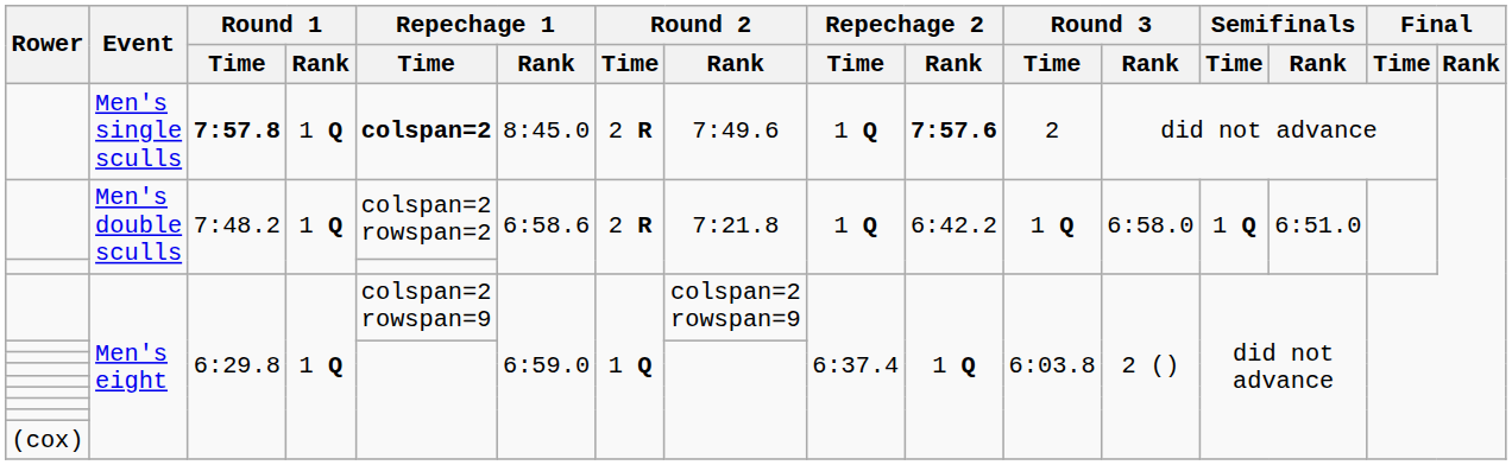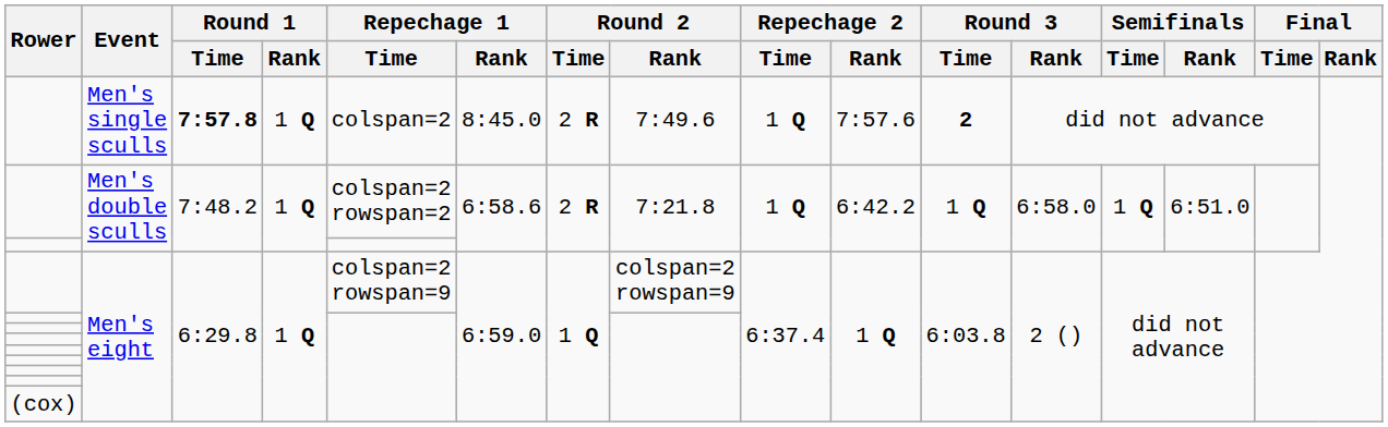 <table class="wikitable sortable" style=text-align:center>
 <tr>
 <th rowspan=2>Rower</th>
 <th rowspan=2>Event</th>
 <th colspan=2>Round 1</th>
 <th colspan=2>Repechage 1</th>
 <th colspan=2>Round 2</th>
 <th colspan=2>Repechage 2</th>
 <th colspan=2>Round 3</th>
 <th colspan=2>Semifinals</th>
 <th colspan=2>Final</th>
 </tr>
 <tr>
 <th>Time</th>
 <th>Rank</th>
 <th>Time</th>
 <th>Rank</th>
 <th>Time</th>
 <th>Rank</th>
 <th>Time</th>
 <th>Rank</th>
 <th>Time</th>
 <th>Rank</th>
 <th>Time</th>
 <th>Rank</th>
 <th>Time</th>
 <th>Rank</th>
 </tr>
 <tr>
 <td align=left></td>
 <td align=left><a href='#'>Men's single sculls</a></td>
 <td><strong>7:57.8</strong></td>
 <td>1 <strong>Q</strong></td>
-<td><strong>colspan=2 </strong></td>
+<td>colspan=2 </td>
 <td>8:45.0</td>
 <td>2 <strong>R</strong></td>
 <td>7:49.6</td>
 <td>1 <strong>Q</strong></td>
-<td><strong>7:57.6</strong></td>
-<td>2</td>
+<td>7:57.6</td>
+<td><strong>2</strong></td>
 <td colspan=4>did not advance</td>
 </tr>
 <tr>
 <td align=left><strong></strong></td>
 <td align=left rowspan=2><a href='#'>Men's double sculls</a></td>
 <td rowspan=2>7:48.2</td>
 <td rowspan=2>1 <strong>Q</strong></td>
 <td>colspan=2 rowspan=2 </td>
 <td rowspan=2>6:58.6</td>
 <td rowspan=2>2 <strong>R</strong></td>
 <td rowspan=2>7:21.8</td>
 <td rowspan=2>1 <strong>Q</strong></td>
 <td rowspan=2>6:42.2</td>
 <td rowspan=2>1 <strong>Q</strong></td>
 <td rowspan=2>6:58.0</td>
 <td rowspan=2>1 <strong>Q</strong></td>
 <td rowspan=2>6:51.0</td>
 <td rowspan=2></td>
 </tr>
 <tr>
 <td align=left><strong></strong></td>
 </tr>
 <tr>
 <td align=left><strong></strong></td>
 <td align=left rowspan=9><a href='#'>Men's eight</a></td>
 <td rowspan=9>6:29.8</td>
 <td rowspan=9>1 <strong>Q</strong></td>
 <td>colspan=2 rowspan=9 </td>
 <td rowspan=9>6:59.0</td>
 <td rowspan=9>1 <strong>Q</strong></td>
 <td>colspan=2 rowspan=9 </td>
 <td rowspan=9>6:37.4</td>
 <td rowspan=9>1 <strong>Q</strong></td>
 <td rowspan=9>6:03.8</td>
 <td rowspan=9>2 ()</td>
 <td colspan=2 rowspan=9>did not advance</td>
 </tr>
 <tr>
 <td align=left><strong></strong></td>
 </tr>
 <tr>
 <td align=left><strong></strong></td>
 </tr>
 <tr>
 <td align=left><strong></strong></td>
 </tr>
 <tr>
 <td align=left><strong></strong></td>
 </tr>
 <tr>
 <td align=left><strong></strong></td>
 </tr>
 <tr>
 <td align=left><strong></strong></td>
 </tr>
 <tr>
 <td align=left><strong></strong></td>
 </tr>
 <tr>
 <td align=left><strong></strong> (cox)</td>
 </tr>
 </table>
